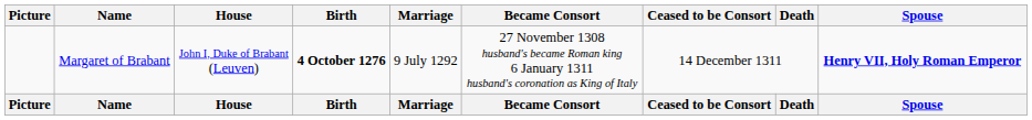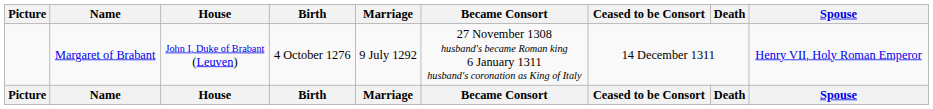 <table width=95% class="wikitable">
 <tr>
 <th>Picture</th>
 <th>Name</th>
 <th>House</th>
 <th>Birth</th>
 <th>Marriage</th>
 <th>Became Consort</th>
 <th>Ceased to be Consort</th>
 <th>Death</th>
 <th><a href='#'>Spouse</a></th>
 </tr>
 <tr>
 <td align=center></td>
 <td align=center><a href='#'>Margaret of Brabant</a></td>
 <td align="center"><small><a href='#'>John I, Duke of Brabant</a></small><br>(<a href='#'>Leuven</a>)</td>
-<td align="center"><strong>4 October 1276</strong></td>
+<td align="center">4 October 1276</td>
 <td align="center">9 July 1292</td>
 <td align="center">27 November 1308<br><small><em>husband's became Roman king</em></small><br>6 January 1311<br><small><em>husband's coronation as King of Italy</em></small></td>
 <td align="center" colspan="2">14 December 1311</td>
-<td align="center"><strong><a href='#'>Henry VII, Holy Roman Emperor</a></strong></td>
+<td align="center"><a href='#'>Henry VII, Holy Roman Emperor</a></td>
 </tr>
 <tr>
 <th>Picture</th>
 <th>Name</th>
 <th>House</th>
 <th>Birth</th>
 <th>Marriage</th>
 <th>Became Consort</th>
 <th>Ceased to be Consort</th>
 <th>Death</th>
 <th><a href='#'>Spouse</a></th>
 </tr>
 </table>
